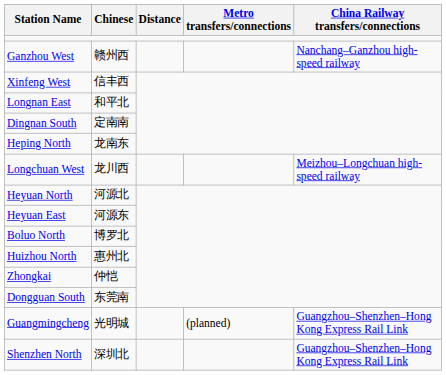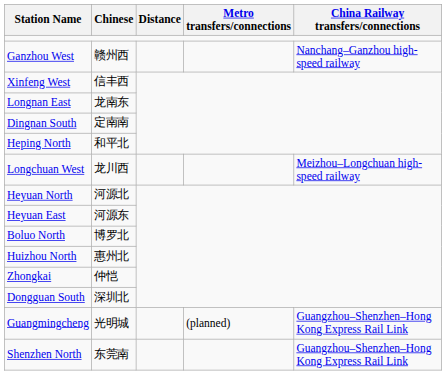 <table class="wikitable">
 <tr>
 <th>Station Name</th>
 <th>Chinese</th>
 <th>Distance<br></th>
 <th><a href='#'>Metro</a><br>transfers/connections</th>
 <th><a href='#'>China Railway</a><br>transfers/connections<br></th>
 </tr>
 <tr style="background:#">
 <td colspan = "11"></td>
 </tr>
 <tr>
 <td><a href='#'>Ganzhou West</a></td>
 <td>赣州西</td>
 <td></td>
 <td></td>
 <td><a href='#'>Nanchang–Ganzhou high-speed railway</a></td>
 </tr>
 <tr>
 <td><a href='#'>Xinfeng West</a></td>
 <td>信丰西</td>
 </tr>
 <tr>
 <td><a href='#'>Longnan East</a></td>
-<td>和平北</td>
+<td>龙南东</td>
 </tr>
 <tr>
 <td><a href='#'>Dingnan South</a></td>
 <td>定南南</td>
 </tr>
 <tr>
 <td><a href='#'>Heping North</a></td>
-<td>龙南东</td>
+<td>和平北</td>
 </tr>
 <tr>
 <td><a href='#'>Longchuan West</a></td>
 <td>龙川西</td>
 <td></td>
 <td></td>
 <td><a href='#'>Meizhou–Longchuan high-speed railway</a></td>
 </tr>
 <tr>
 <td><a href='#'>Heyuan North</a></td>
 <td>河源北</td>
 </tr>
 <tr>
 <td><a href='#'>Heyuan East</a></td>
 <td>河源东</td>
 </tr>
 <tr>
 <td><a href='#'>Boluo North</a></td>
 <td>博罗北</td>
 </tr>
 <tr>
 <td><a href='#'>Huizhou North</a></td>
 <td>惠州北</td>
 </tr>
 <tr>
 <td><a href='#'>Zhongkai</a></td>
 <td>仲恺</td>
 </tr>
 <tr>
 <td><a href='#'>Dongguan South</a></td>
-<td>东莞南</td>
+<td>深圳北</td>
 </tr>
 <tr>
 <td><a href='#'>Guangmingcheng</a></td>
 <td>光明城</td>
 <td></td>
 <td>  (planned)</td>
 <td><a href='#'>Guangzhou–Shenzhen–Hong Kong Express Rail Link</a></td>
 </tr>
 <tr>
 <td><a href='#'>Shenzhen North</a></td>
-<td>深圳北</td>
+<td>东莞南</td>
 <td></td>
 <td>   </td>
 <td><a href='#'>Guangzhou–Shenzhen–Hong Kong Express Rail Link</a><br></td>
 </tr>
 </table>
